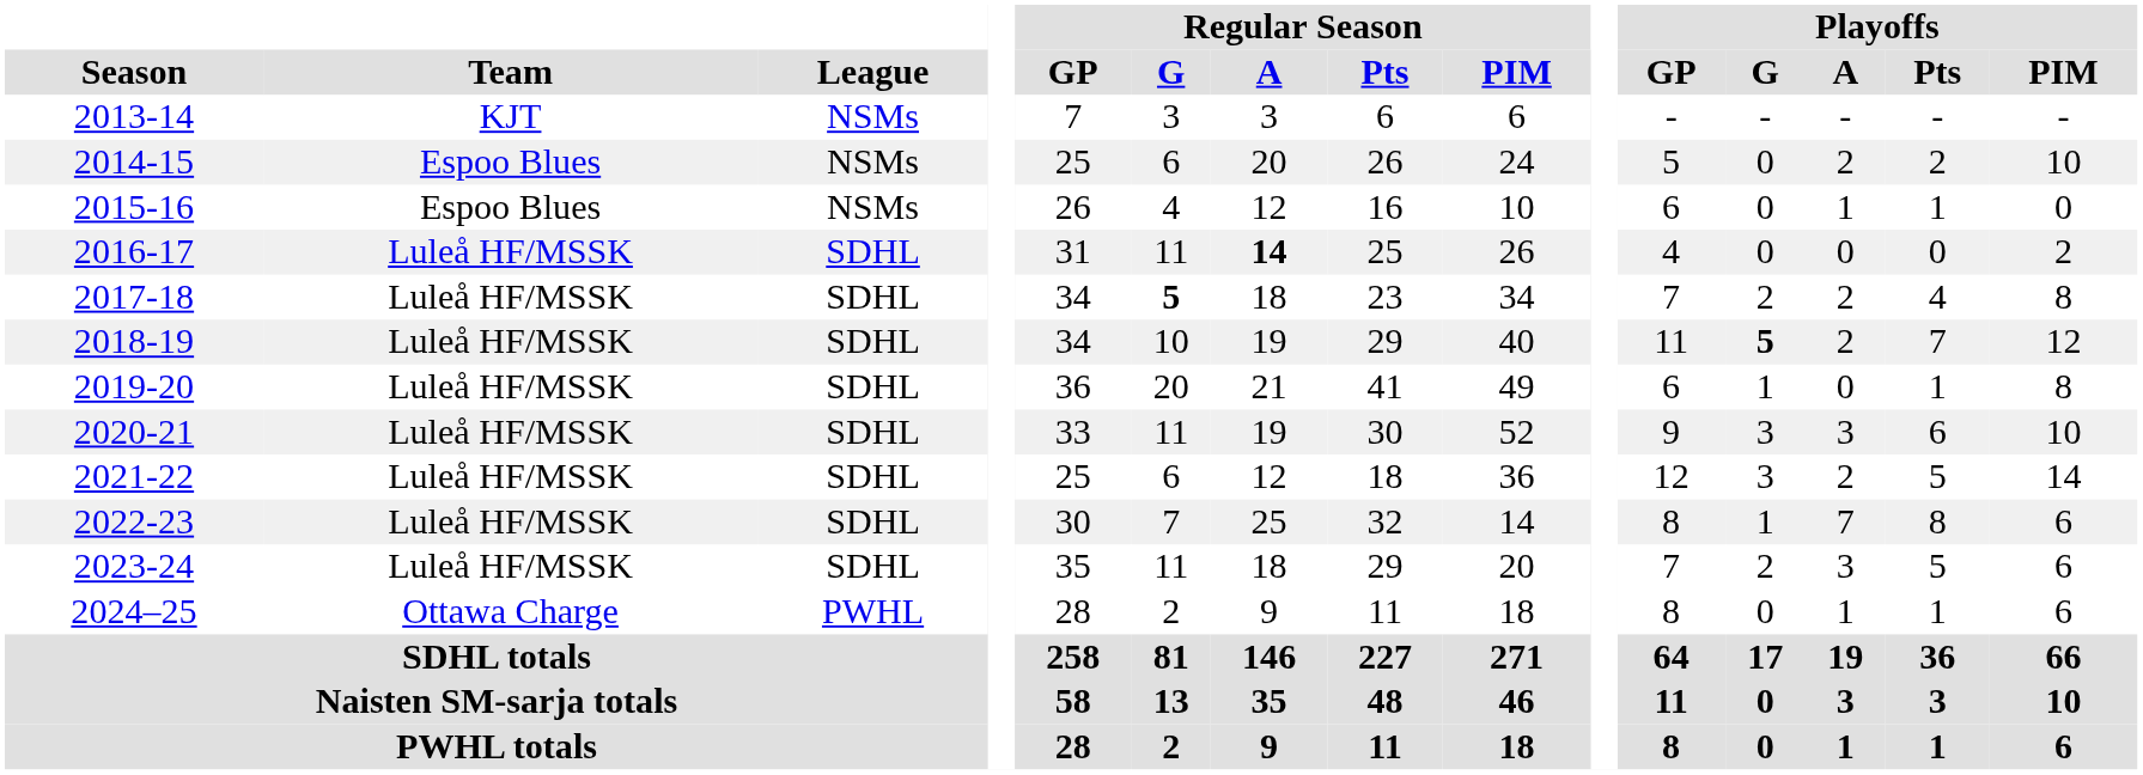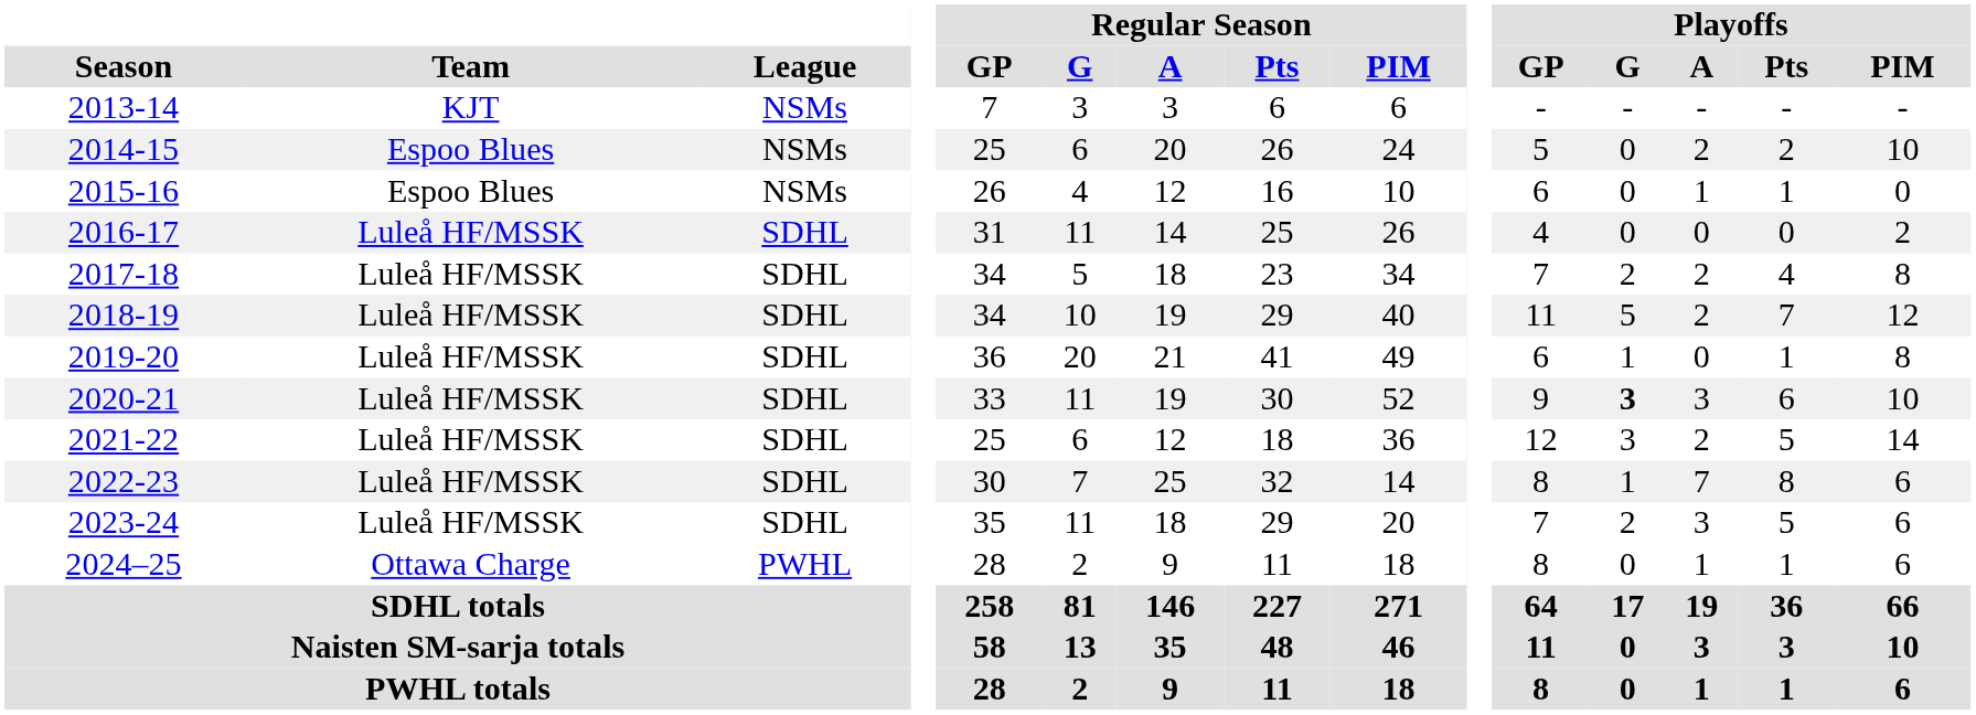 <table border="0" cellpadding="1" cellspacing="0" style="text-align:center; width:75%">
 <tr bgcolor="#e0e0e0">
 <th colspan="3"  bgcolor="#ffffff"> </th>
 <th rowspan="99" bgcolor="#ffffff"> </th>
 <th colspan="5">Regular Season</th>
 <th rowspan="99" bgcolor="#ffffff"> </th>
 <th colspan="5">Playoffs</th>
 </tr>
 <tr bgcolor="#e0e0e0">
 <th>Season</th>
 <th>Team</th>
 <th>League</th>
 <th>GP</th>
 <th><a href='#'>G</a></th>
 <th><a href='#'>A</a></th>
 <th><a href='#'>Pts</a></th>
 <th><a href='#'>PIM</a></th>
 <th>GP</th>
 <th>G</th>
 <th>A</th>
 <th>Pts</th>
 <th>PIM</th>
 </tr>
 <tr>
 <td><a href='#'>2013-14</a></td>
 <td><a href='#'>KJT</a></td>
 <td><a href='#'>NSMs</a></td>
 <td>7</td>
 <td>3</td>
 <td>3</td>
 <td>6</td>
 <td>6</td>
 <td>-</td>
 <td>-</td>
 <td>-</td>
 <td>-</td>
 <td>-</td>
 </tr>
 <tr bgcolor="#f0f0f0">
 <td><a href='#'>2014-15</a></td>
 <td><a href='#'>Espoo Blues</a></td>
 <td>NSMs</td>
 <td>25</td>
 <td>6</td>
 <td>20</td>
 <td>26</td>
 <td>24</td>
 <td>5</td>
 <td>0</td>
 <td>2</td>
 <td>2</td>
 <td>10</td>
 </tr>
 <tr>
 <td><a href='#'>2015-16</a></td>
 <td>Espoo Blues</td>
 <td>NSMs</td>
 <td>26</td>
 <td>4</td>
 <td>12</td>
 <td>16</td>
 <td>10</td>
 <td>6</td>
 <td>0</td>
 <td>1</td>
 <td>1</td>
 <td>0</td>
 </tr>
 <tr bgcolor="#f0f0f0">
 <td><a href='#'>2016-17</a></td>
 <td><a href='#'>Luleå HF/MSSK</a></td>
 <td><a href='#'>SDHL</a></td>
 <td>31</td>
 <td>11</td>
-<td><strong>14</strong></td>
+<td>14</td>
 <td>25</td>
 <td>26</td>
 <td>4</td>
 <td>0</td>
 <td>0</td>
 <td>0</td>
 <td>2</td>
 </tr>
 <tr>
 <td><a href='#'>2017-18</a></td>
 <td>Luleå HF/MSSK</td>
 <td>SDHL</td>
 <td>34</td>
-<td><strong>5</strong></td>
+<td>5</td>
 <td>18</td>
 <td>23</td>
 <td>34</td>
 <td>7</td>
 <td>2</td>
 <td>2</td>
 <td>4</td>
 <td>8</td>
 </tr>
 <tr bgcolor="#f0f0f0">
 <td><a href='#'>2018-19</a></td>
 <td>Luleå HF/MSSK</td>
 <td>SDHL</td>
 <td>34</td>
 <td>10</td>
 <td>19</td>
 <td>29</td>
 <td>40</td>
 <td>11</td>
-<td><strong>5</strong></td>
+<td>5</td>
 <td>2</td>
 <td>7</td>
 <td>12</td>
 </tr>
 <tr>
 <td><a href='#'>2019-20</a></td>
 <td>Luleå HF/MSSK</td>
 <td>SDHL</td>
 <td>36</td>
 <td>20</td>
 <td>21</td>
 <td>41</td>
 <td>49</td>
 <td>6</td>
 <td>1</td>
 <td>0</td>
 <td>1</td>
 <td>8</td>
 </tr>
 <tr bgcolor="#f0f0f0">
 <td><a href='#'>2020-21</a></td>
 <td>Luleå HF/MSSK</td>
 <td>SDHL</td>
 <td>33</td>
 <td>11</td>
 <td>19</td>
 <td>30</td>
 <td>52</td>
 <td>9</td>
-<td>3</td>
+<td><strong>3</strong></td>
 <td>3</td>
 <td>6</td>
 <td>10</td>
 </tr>
 <tr>
 <td><a href='#'>2021-22</a></td>
 <td>Luleå HF/MSSK</td>
 <td>SDHL</td>
 <td>25</td>
 <td>6</td>
 <td>12</td>
 <td>18</td>
 <td>36</td>
 <td>12</td>
 <td>3</td>
 <td>2</td>
 <td>5</td>
 <td>14</td>
 </tr>
 <tr bgcolor="#f0f0f0">
 <td><a href='#'>2022-23</a></td>
 <td>Luleå HF/MSSK</td>
 <td>SDHL</td>
 <td>30</td>
 <td>7</td>
 <td>25</td>
 <td>32</td>
 <td>14</td>
 <td>8</td>
 <td>1</td>
 <td>7</td>
 <td>8</td>
 <td>6</td>
 </tr>
 <tr>
 <td><a href='#'>2023-24</a></td>
 <td>Luleå HF/MSSK</td>
 <td>SDHL</td>
 <td>35</td>
 <td>11</td>
 <td>18</td>
 <td>29</td>
 <td>20</td>
 <td>7</td>
 <td>2</td>
 <td>3</td>
 <td>5</td>
 <td>6</td>
 </tr>
 <tr>
 <td><a href='#'>2024–25</a></td>
 <td><a href='#'>Ottawa Charge</a></td>
 <td><a href='#'>PWHL</a></td>
 <td>28</td>
 <td>2</td>
 <td>9</td>
 <td>11</td>
 <td>18</td>
 <td>8</td>
 <td>0</td>
 <td>1</td>
 <td>1</td>
 <td>6</td>
 </tr>
 <tr bgcolor="#e0e0e0">
 <th colspan="3">SDHL totals</th>
 <th>258</th>
 <th>81</th>
 <th>146</th>
 <th>227</th>
 <th>271</th>
 <th>64</th>
 <th>17</th>
 <th>19</th>
 <th>36</th>
 <th>66</th>
 </tr>
 <tr bgcolor="#e0e0e0">
 <th colspan="3">Naisten SM-sarja totals</th>
 <th>58</th>
 <th>13</th>
 <th>35</th>
 <th>48</th>
 <th>46</th>
 <th>11</th>
 <th>0</th>
 <th>3</th>
 <th>3</th>
 <th>10</th>
 </tr>
 <tr bgcolor="#e0e0e0">
 <th colspan="3">PWHL totals</th>
 <th>28</th>
 <th>2</th>
 <th>9</th>
 <th>11</th>
 <th>18</th>
 <th>8</th>
 <th>0</th>
 <th>1</th>
 <th>1</th>
 <th>6</th>
 </tr>
 </table>
